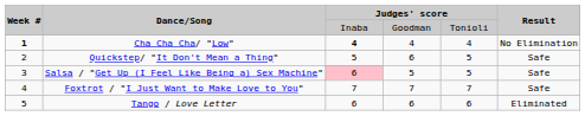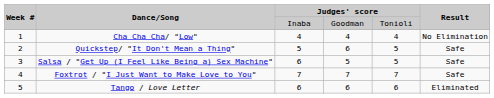 <table class="wikitable" style="text-align:center">
 <tr>
 <th rowspan="2" style="background:#ccc;">Week #</th>
 <th rowspan="2" style="background:#ccc;">Dance/Song</th>
 <th colspan="3" style="background:#ccc;">Judges' score</th>
 <th rowspan="2" style="background:#ccc;">Result</th>
 </tr>
 <tr style="background:#ccc;">
 <td style="width:10%;">Inaba</td>
 <td style="width:10%;">Goodman</td>
 <td style="width:10%;">Tonioli</td>
 </tr>
 <tr>
-<td><strong>1</strong></td>
+<td>1</td>
 <td><a href='#'>Cha Cha Cha</a>/ "<a href='#'>Low</a>"</td>
-<td><strong>4</strong></td>
+<td>4</td>
 <td>4</td>
 <td>4</td>
 <td>No Elimination</td>
 </tr>
 <tr>
 <td>2</td>
 <td><a href='#'>Quickstep</a>/ "<a href='#'>It Don't Mean a Thing</a>"</td>
 <td>5</td>
 <td>6</td>
 <td>5</td>
 <td>Safe</td>
 </tr>
 <tr>
 <td>3</td>
 <td><a href='#'>Salsa</a> / "<a href='#'>Get Up (I Feel Like Being a) Sex Machine</a>"</td>
-<td style="background: pink;">6</td>
+<td>6</td>
 <td>5</td>
 <td>5</td>
 <td>Safe</td>
 </tr>
 <tr>
 <td>4</td>
 <td><a href='#'>Foxtrot</a> / "<a href='#'>I Just Want to Make Love to You</a>"</td>
 <td>7</td>
 <td>7</td>
 <td>7</td>
 <td>Safe</td>
 </tr>
 <tr>
 <td>5</td>
 <td><a href='#'>Tango</a> / <em>Love Letter</em></td>
 <td>6</td>
 <td>6</td>
 <td>6</td>
 <td>Eliminated</td>
 </tr>
 </table>
